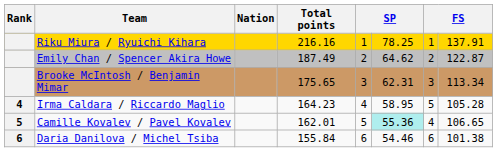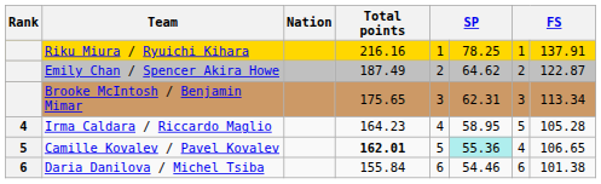 <table class="wikitable sortable" style="text-align:left">
 <tr>
 <th scope="col">Rank</th>
 <th scope="col">Team</th>
 <th scope="col">Nation</th>
 <th scope="col">Total points</th>
 <th scope="col" colspan="2" width="80px"><a href='#'>SP</a></th>
 <th scope="col" colspan="2" width="80px"><a href='#'>FS</a></th>
 </tr>
 <tr bgcolor="gold">
 <th scope="row"></th>
 <td><a href='#'>Riku Miura</a> / <a href='#'>Ryuichi Kihara</a></td>
 <td></td>
 <td align="center">216.16</td>
 <td align="center">1</td>
 <td align="center">78.25</td>
 <td align="center">1</td>
 <td align="center">137.91</td>
 </tr>
 <tr bgcolor="silver">
 <th scope="row"></th>
 <td><a href='#'>Emily Chan</a> / <a href='#'>Spencer Akira Howe</a></td>
 <td></td>
 <td align="center">187.49</td>
 <td align="center">2</td>
 <td align="center">64.62</td>
 <td align="center">2</td>
 <td align="center">122.87</td>
 </tr>
 <tr bgcolor="cc9966">
 <th scope="row"></th>
 <td><a href='#'>Brooke McIntosh</a> / <a href='#'>Benjamin Mimar</a></td>
 <td></td>
 <td align="center">175.65</td>
 <td align="center">3</td>
 <td align="center">62.31</td>
 <td align="center">3</td>
 <td align="center">113.34</td>
 </tr>
 <tr>
 <th scope="row">4</th>
 <td><a href='#'>Irma Caldara</a> / <a href='#'>Riccardo Maglio</a></td>
 <td></td>
 <td align="center">164.23</td>
 <td align="center">4</td>
 <td align="center">58.95</td>
 <td align="center">5</td>
 <td align="center">105.28</td>
 </tr>
 <tr>
 <th scope="row">5</th>
 <td><a href='#'>Camille Kovalev</a> / <a href='#'>Pavel Kovalev</a></td>
 <td></td>
-<td align="center">162.01</td>
+<td align="center"><strong>162.01</strong></td>
 <td align="center">5</td>
 <td align="center" style="background: paleturquoise;">55.36</td>
 <td align="center">4</td>
 <td align="center">106.65</td>
 </tr>
 <tr>
 <th scope="row">6</th>
 <td><a href='#'>Daria Danilova</a> / <a href='#'>Michel Tsiba</a></td>
 <td></td>
 <td align="center">155.84</td>
 <td align="center">6</td>
 <td align="center">54.46</td>
 <td align="center">6</td>
 <td align="center">101.38</td>
 </tr>
 </table>
